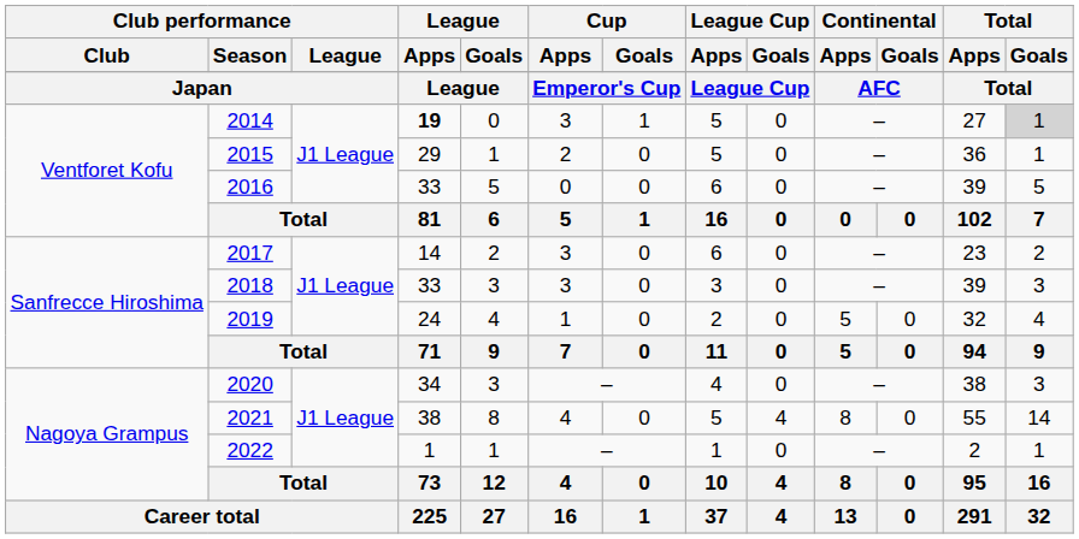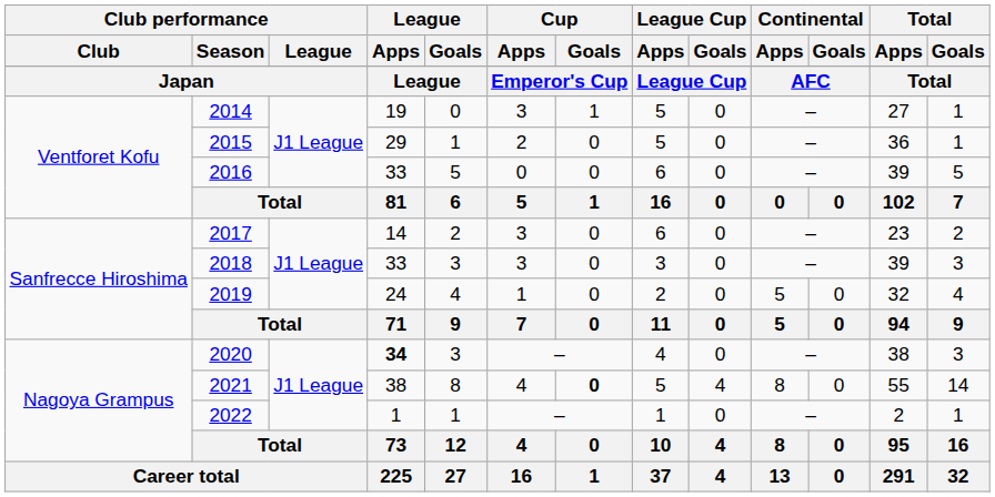 <table class="wikitable" style="text-align:center">
 <tr>
 <th colspan=3>Club performance</th>
 <th colspan=2>League</th>
 <th colspan=2>Cup</th>
 <th colspan=2>League Cup</th>
 <th colspan=2>Continental</th>
 <th colspan=2>Total</th>
 </tr>
 <tr>
 <th>Club</th>
 <th>Season</th>
 <th>League</th>
 <th>Apps</th>
 <th>Goals</th>
 <th>Apps</th>
 <th>Goals</th>
 <th>Apps</th>
 <th>Goals</th>
 <th>Apps</th>
 <th>Goals</th>
 <th>Apps</th>
 <th>Goals</th>
 </tr>
 <tr>
 </tr>
 <tr>
 <th colspan=3>Japan</th>
 <th colspan=2>League</th>
 <th colspan=2><a href='#'>Emperor's Cup</a></th>
 <th colspan=2><a href='#'>League Cup</a></th>
 <th colspan=2><a href='#'>AFC</a></th>
 <th colspan=2>Total</th>
 </tr>
 <tr>
 <td rowspan="4"><a href='#'>Ventforet Kofu</a></td>
 <td><a href='#'>2014</a></td>
 <td rowspan="3"><a href='#'>J1 League</a></td>
-<td><strong>19</strong></td>
+<td>19</td>
 <td>0</td>
 <td>3</td>
 <td>1</td>
 <td>5</td>
 <td>0</td>
 <td colspan="2">–</td>
 <td>27</td>
-<td style="background: lightgrey;">1</td>
+<td>1</td>
 </tr>
 <tr>
 <td><a href='#'>2015</a></td>
 <td>29</td>
 <td>1</td>
 <td>2</td>
 <td>0</td>
 <td>5</td>
 <td>0</td>
 <td colspan="2">–</td>
 <td>36</td>
 <td>1</td>
 </tr>
 <tr>
 <td><a href='#'>2016</a></td>
 <td>33</td>
 <td>5</td>
 <td>0</td>
 <td>0</td>
 <td>6</td>
 <td>0</td>
 <td colspan="2">–</td>
 <td>39</td>
 <td>5</td>
 </tr>
 <tr>
 <th colspan="2">Total</th>
 <th>81</th>
 <th>6</th>
 <th>5</th>
 <th>1</th>
 <th>16</th>
 <th>0</th>
 <th>0</th>
 <th>0</th>
 <th>102</th>
 <th>7</th>
 </tr>
 <tr>
 <td rowspan="4"><a href='#'>Sanfrecce Hiroshima</a></td>
 <td><a href='#'>2017</a></td>
 <td rowspan="3"><a href='#'>J1 League</a></td>
 <td>14</td>
 <td>2</td>
 <td>3</td>
 <td>0</td>
 <td>6</td>
 <td>0</td>
 <td colspan="2">–</td>
 <td>23</td>
 <td>2</td>
 </tr>
 <tr>
 <td><a href='#'>2018</a></td>
 <td>33</td>
 <td>3</td>
 <td>3</td>
 <td>0</td>
 <td>3</td>
 <td>0</td>
 <td colspan="2">–</td>
 <td>39</td>
 <td>3</td>
 </tr>
 <tr>
 <td><a href='#'>2019</a></td>
 <td>24</td>
 <td>4</td>
 <td>1</td>
 <td>0</td>
 <td>2</td>
 <td>0</td>
 <td>5</td>
 <td>0</td>
 <td>32</td>
 <td>4</td>
 </tr>
 <tr>
 <th colspan="2">Total</th>
 <th>71</th>
 <th>9</th>
 <th>7</th>
 <th>0</th>
 <th>11</th>
 <th>0</th>
 <th>5</th>
 <th>0</th>
 <th>94</th>
 <th>9</th>
 </tr>
 <tr>
 <td rowspan="4"><a href='#'>Nagoya Grampus</a></td>
 <td><a href='#'>2020</a></td>
 <td rowspan="3"><a href='#'>J1 League</a></td>
-<td>34</td>
+<td><strong>34</strong></td>
 <td>3</td>
 <td colspan="2">–</td>
 <td>4</td>
 <td>0</td>
 <td colspan="2">–</td>
 <td>38</td>
 <td>3</td>
 </tr>
 <tr>
 <td><a href='#'>2021</a></td>
 <td>38</td>
 <td>8</td>
 <td>4</td>
-<td>0</td>
+<td><strong>0</strong></td>
 <td>5</td>
 <td>4</td>
 <td>8</td>
 <td>0</td>
 <td>55</td>
 <td>14</td>
 </tr>
 <tr>
 <td><a href='#'>2022</a></td>
 <td>1</td>
 <td>1</td>
 <td colspan="2">–</td>
 <td>1</td>
 <td>0</td>
 <td colspan="2">–</td>
 <td>2</td>
 <td>1</td>
 </tr>
 <tr>
 <th colspan="2">Total</th>
 <th>73</th>
 <th>12</th>
 <th>4</th>
 <th>0</th>
 <th>10</th>
 <th>4</th>
 <th>8</th>
 <th>0</th>
 <th>95</th>
 <th>16</th>
 </tr>
 <tr>
 <th colspan=3>Career total</th>
 <th>225</th>
 <th>27</th>
 <th>16</th>
 <th>1</th>
 <th>37</th>
 <th>4</th>
 <th>13</th>
 <th>0</th>
 <th>291</th>
 <th>32</th>
 </tr>
 </table>
